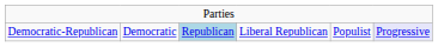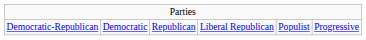 <table class="wikitable">
 <tr>
 <td style="text-align:center;" colspan="6">Parties</td>
 </tr>
 <tr>
 <td><a href='#'>Democratic-Republican</a></td>
 <td><a href='#'>Democratic</a></td>
-<td style="background: lightblue;"><a href='#'>Republican</a></td>
+<td><a href='#'>Republican</a></td>
 <td><a href='#'>Liberal Republican</a></td>
 <td><a href='#'>Populist</a></td>
-<td style="background: lavender;"><a href='#'>Progressive</a></td>
+<td><a href='#'>Progressive</a></td>
 </tr>
 </table>
